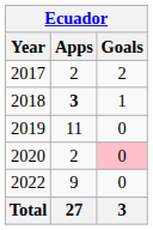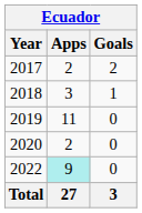 <table class="wikitable" style="text-align:center">
 <tr>
 <th colspan=3><a href='#'>Ecuador</a></th>
 </tr>
 <tr>
 <th>Year</th>
 <th>Apps</th>
 <th>Goals</th>
 </tr>
 <tr>
 <td>2017</td>
 <td>2</td>
 <td>2</td>
 </tr>
 <tr>
 <td>2018</td>
-<td><strong>3</strong></td>
+<td>3</td>
 <td>1</td>
 </tr>
 <tr>
 <td>2019</td>
 <td>11</td>
 <td>0</td>
 </tr>
 <tr>
 <td>2020</td>
 <td>2</td>
-<td style="background: pink;">0</td>
+<td>0</td>
 </tr>
 <tr>
 <td>2022</td>
-<td>9</td>
+<td style="background: paleturquoise;">9</td>
 <td>0</td>
 </tr>
 <tr>
 <th>Total</th>
 <th>27</th>
 <th>3</th>
 </tr>
 </table>
